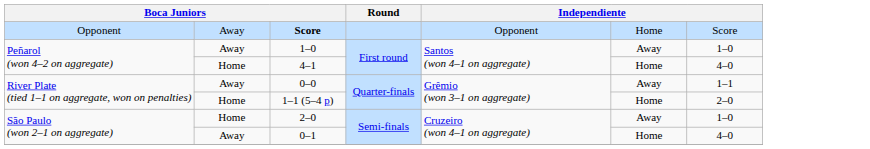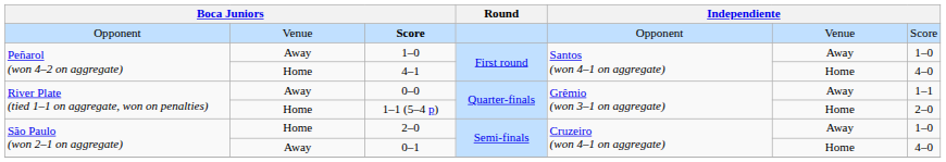 <table class="wikitable" style="text-align: center;">
 <tr>
 <th colspan=3> <a href='#'>Boca Juniors</a></th>
 <th>Round</th>
 <th colspan=3> <a href='#'>Independiente</a></th>
 </tr>
 <tr bgcolor=#c1e0ff>
 <td width=25%>Opponent</td>
-<td>Away</td>
+<td width=15%>Venue</td>
 <td width=10%><strong>Score</strong></td>
 <td width=10%></td>
 <td width=25%>Opponent</td>
-<td>Home</td>
+<td width=25%>Venue</td>
 <td width=10%>Score</td>
 </tr>
 <tr>
 <td rowspan=2 align=left> <a href='#'>Peñarol</a><br><em>(won 4–2 on aggregate)</em></td>
 <td>Away</td>
 <td>1–0</td>
 <td rowspan=2 bgcolor=#c1e0ff><a href='#'>First round</a></td>
 <td rowspan=2 align=left> <a href='#'>Santos</a><br><em>(won 4–1 on aggregate)</em></td>
 <td>Away</td>
 <td>1–0</td>
 </tr>
 <tr>
 <td>Home</td>
 <td>4–1</td>
 <td>Home</td>
 <td>4–0</td>
 </tr>
 <tr>
 <td rowspan=2 align=left> <a href='#'>River Plate</a><br><em>(tied 1–1 on aggregate, won on penalties)</em></td>
 <td>Away</td>
 <td>0–0</td>
 <td rowspan=2 bgcolor=#c1e0ff><a href='#'>Quarter-finals</a></td>
 <td rowspan=2 align=left> <a href='#'>Grêmio</a><br><em>(won 3–1 on aggregate)</em></td>
 <td>Away</td>
 <td>1–1</td>
 </tr>
 <tr>
 <td>Home</td>
 <td>1–1 (5–4 <a href='#'>p</a>)</td>
 <td>Home</td>
 <td>2–0</td>
 </tr>
 <tr>
 <td rowspan=2 align=left> <a href='#'>São Paulo</a><br><em>(won 2–1 on aggregate)</em></td>
 <td>Home</td>
 <td>2–0</td>
 <td rowspan=2 bgcolor=#c1e0ff><a href='#'>Semi-finals</a></td>
 <td rowspan=2 align=left> <a href='#'>Cruzeiro</a><br><em>(won 4–1 on aggregate)</em></td>
 <td>Away</td>
 <td>1–0</td>
 </tr>
 <tr>
 <td>Away</td>
 <td>0–1</td>
 <td>Home</td>
 <td>4–0</td>
 </tr>
 <tr>
 </tr>
 </table>
